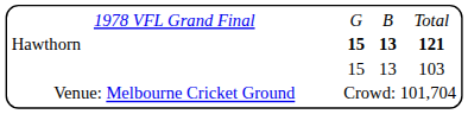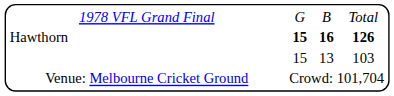 <table style="margin-right:4px; margin-top:8px; float:right; clear:right; border:1px #000 solid; border-radius:8px; background:#fff; font-family:Verdana; font-size:8pt; text-align:center;">
 <tr>
 <td style="width:200px;"><em><a href='#'>1978 VFL Grand Final</a></em></td>
 <td><em>G</em></td>
 <td><em>B</em></td>
 <td><em>Total</em></td>
 </tr>
 <tr>
 <td style="text-align:left">Hawthorn</td>
 <td><strong>15</strong></td>
-<td><strong>13</strong></td>
-<td><strong>121</strong></td>
+<td><strong>16</strong></td>
+<td><strong>126</strong></td>
 </tr>
 <tr>
 <td style="text-align:left"></td>
 <td>15</td>
 <td>13</td>
 <td>103</td>
 </tr>
 <tr>
 <td>Venue: <a href='#'>Melbourne Cricket Ground</a></td>
 <td colspan="3">Crowd: 101,704</td>
 </tr>
 </table>
